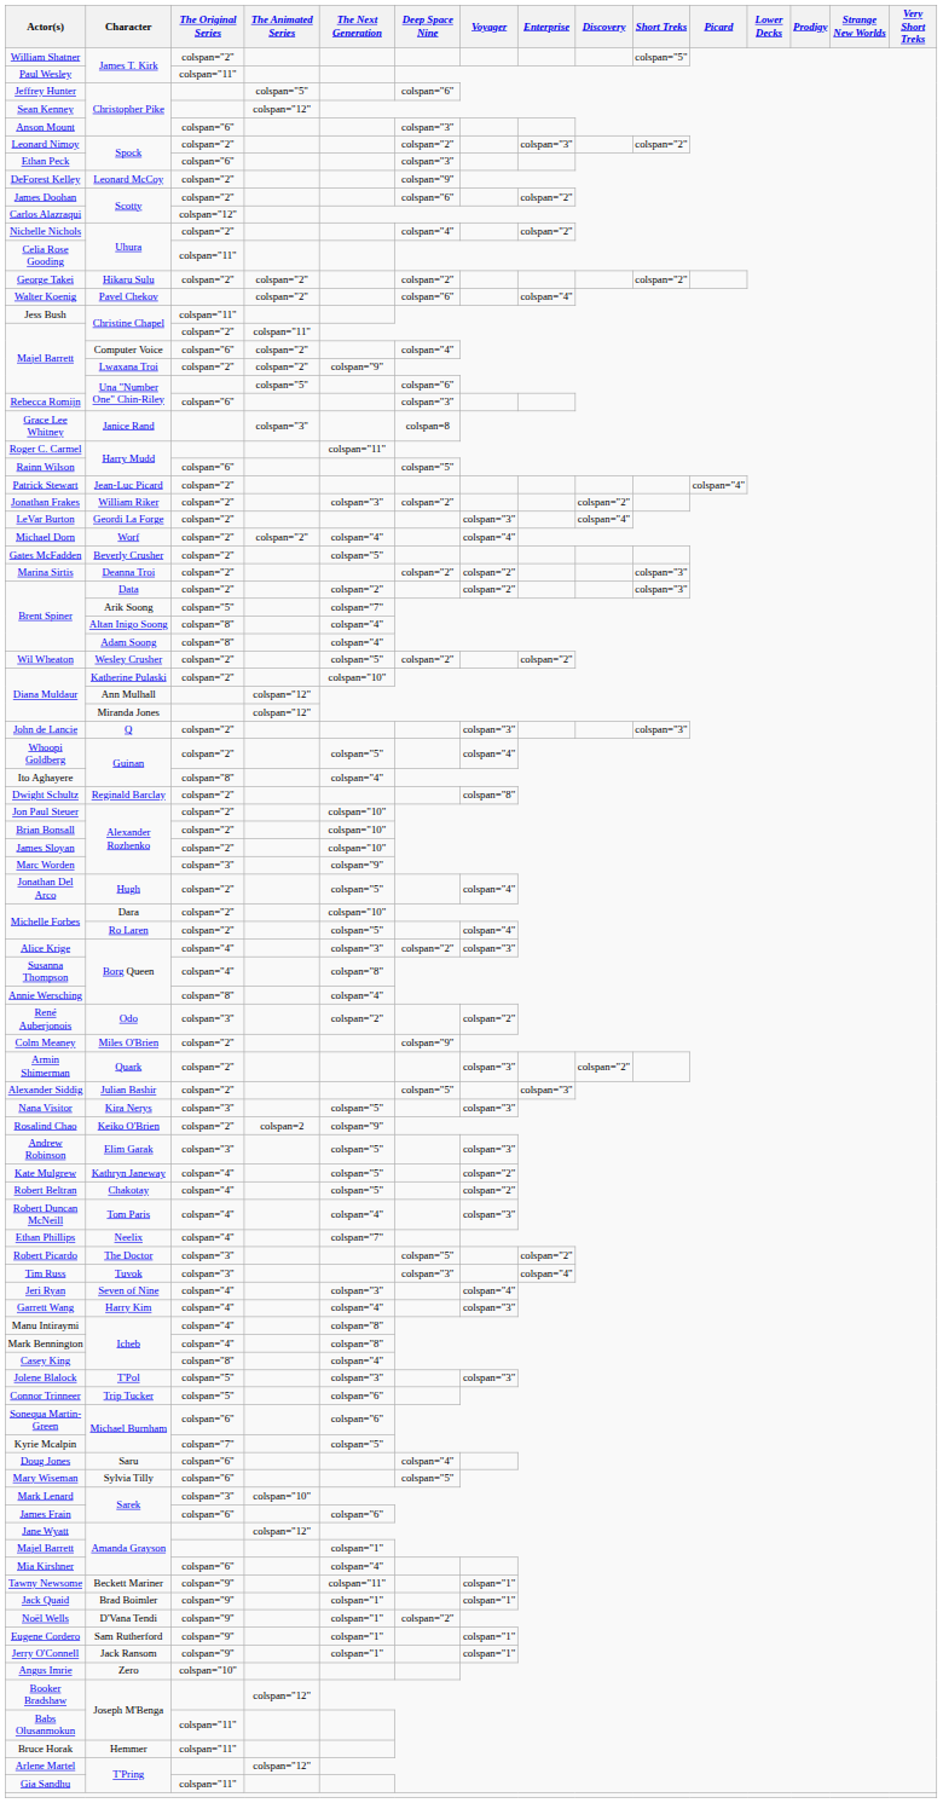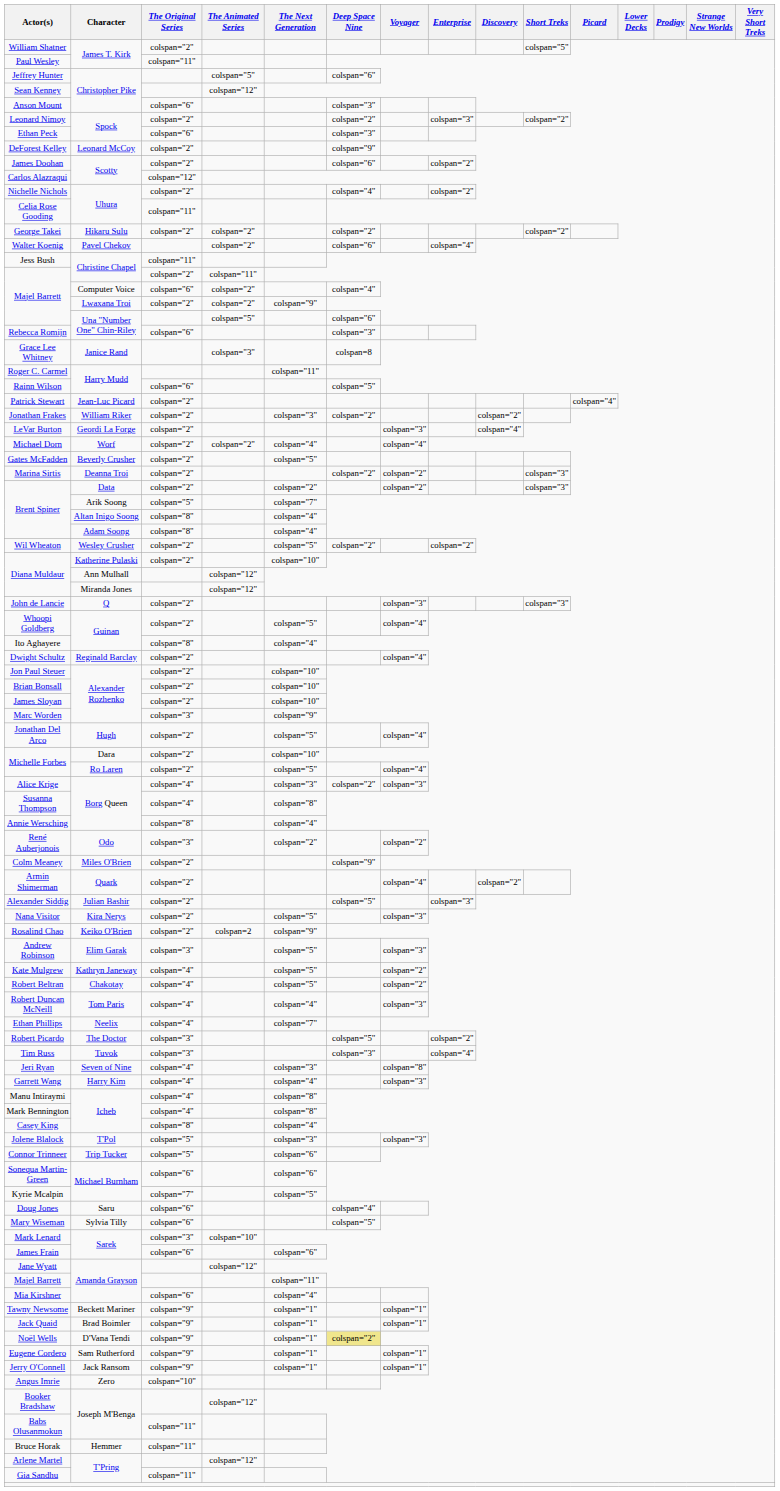 <table class="wikitable sticky-header" style="font-size: 90%; text-align: center; min-width: 100%">
 <tr>
 <th>Actor(s)</th>
 <th>Character</th>
 <th><em><a href='#'>The Original Series</a></em></th>
 <th><em><a href='#'>The Animated Series</a></em></th>
 <th><em><a href='#'>The Next Generation</a></em></th>
 <th><em><a href='#'>Deep Space Nine</a></em></th>
 <th><em><a href='#'>Voyager</a></em></th>
 <th><em><a href='#'>Enterprise</a></em></th>
 <th><em><a href='#'>Discovery</a></em></th>
 <th><a href='#'><em>Short Treks</em></a></th>
 <th><em><a href='#'>Picard</a></em></th>
 <th><em><a href='#'>Lower Decks</a></em></th>
 <th><em><a href='#'>Prodigy</a></em></th>
 <th><em><a href='#'>Strange New Worlds</a></em></th>
 <th><a href='#'><em>Very Short Treks</em></a></th>
 </tr>
 <tr>
 <td><a href='#'>William Shatner</a></td>
 <td rowspan="2"><a href='#'>James T. Kirk</a></td>
 <td>colspan="2" </td>
 <td></td>
 <td></td>
 <td></td>
 <td></td>
 <td></td>
 <td></td>
 <td>colspan="5" </td>
 </tr>
 <tr>
 <td><a href='#'>Paul Wesley</a></td>
 <td>colspan="11" </td>
 <td></td>
 <td></td>
 </tr>
 <tr>
 <td><a href='#'>Jeffrey Hunter</a></td>
 <td rowspan="3"><a href='#'>Christopher Pike</a></td>
 <td></td>
 <td>colspan="5" </td>
 <td></td>
 <td>colspan="6" </td>
 </tr>
 <tr>
 <td><a href='#'>Sean Kenney</a></td>
 <td></td>
 <td>colspan="12" </td>
 </tr>
 <tr>
 <td><a href='#'>Anson Mount</a></td>
 <td>colspan="6" </td>
 <td></td>
 <td></td>
 <td>colspan="3" </td>
 <td></td>
 <td></td>
 </tr>
 <tr>
 <td><a href='#'>Leonard Nimoy</a></td>
 <td rowspan="2"><a href='#'>Spock</a></td>
 <td>colspan="2" </td>
 <td></td>
 <td></td>
 <td>colspan="2" </td>
 <td></td>
 <td>colspan="3" </td>
 <td></td>
 <td>colspan="2" </td>
 </tr>
 <tr>
 <td><a href='#'>Ethan Peck</a></td>
 <td>colspan="6" </td>
 <td></td>
 <td></td>
 <td>colspan="3" </td>
 <td></td>
 <td></td>
 </tr>
 <tr>
 <td><a href='#'>DeForest Kelley</a></td>
 <td><a href='#'>Leonard McCoy</a></td>
 <td>colspan="2" </td>
 <td></td>
 <td></td>
 <td>colspan="9" </td>
 </tr>
 <tr>
 <td><a href='#'>James Doohan</a></td>
 <td rowspan="2"><a href='#'>Scotty</a></td>
 <td>colspan="2" </td>
 <td></td>
 <td></td>
 <td>colspan="6" </td>
 <td></td>
 <td>colspan="2" </td>
 </tr>
 <tr>
 <td><a href='#'>Carlos Alazraqui</a></td>
 <td>colspan="12" </td>
 <td></td>
 </tr>
 <tr>
 <td><a href='#'>Nichelle Nichols</a></td>
 <td rowspan="2"><a href='#'>Uhura</a></td>
 <td>colspan="2" </td>
 <td></td>
 <td></td>
 <td>colspan="4" </td>
 <td></td>
 <td>colspan="2" </td>
 </tr>
 <tr>
 <td><a href='#'>Celia Rose Gooding</a></td>
 <td>colspan="11" </td>
 <td></td>
 <td></td>
 </tr>
 <tr>
 <td><a href='#'>George Takei</a></td>
 <td><a href='#'>Hikaru Sulu</a></td>
 <td>colspan="2" </td>
 <td>colspan="2" </td>
 <td></td>
 <td>colspan="2" </td>
 <td></td>
 <td></td>
 <td></td>
 <td>colspan="2" </td>
 <td></td>
 </tr>
 <tr>
 <td><a href='#'>Walter Koenig</a></td>
 <td><a href='#'>Pavel Chekov</a></td>
 <td></td>
 <td>colspan="2" </td>
 <td></td>
 <td>colspan="6" </td>
 <td></td>
 <td>colspan="4" </td>
 </tr>
 <tr>
 <td>Jess Bush</td>
 <td rowspan="2"><a href='#'>Christine Chapel</a></td>
 <td>colspan="11" </td>
 <td></td>
 <td></td>
 </tr>
 <tr>
 <td rowspan="4"><a href='#'>Majel Barrett</a></td>
 <td>colspan="2" </td>
 <td>colspan="11" </td>
 </tr>
 <tr>
 <td>Computer Voice</td>
 <td>colspan="6" </td>
 <td>colspan="2" </td>
 <td></td>
 <td>colspan="4" </td>
 </tr>
 <tr>
 <td><a href='#'>Lwaxana Troi</a></td>
 <td>colspan="2" </td>
 <td>colspan="2" </td>
 <td>colspan="9" </td>
 </tr>
 <tr>
 <td rowspan="2"><a href='#'>Una "Number One" Chin-Riley</a></td>
 <td></td>
 <td>colspan="5" </td>
 <td></td>
 <td>colspan="6" </td>
 </tr>
 <tr>
 <td><a href='#'>Rebecca Romijn</a></td>
 <td>colspan="6" </td>
 <td></td>
 <td></td>
 <td>colspan="3" </td>
 <td></td>
 <td></td>
 </tr>
 <tr>
 <td><a href='#'>Grace Lee Whitney</a></td>
 <td><a href='#'>Janice Rand</a></td>
 <td></td>
 <td>colspan="3" </td>
 <td></td>
 <td>colspan=8 </td>
 </tr>
 <tr>
 <td><a href='#'>Roger C. Carmel</a></td>
 <td rowspan="2"><a href='#'>Harry Mudd</a></td>
 <td></td>
 <td></td>
 <td>colspan="11" </td>
 </tr>
 <tr>
 <td><a href='#'>Rainn Wilson</a></td>
 <td>colspan="6" </td>
 <td></td>
 <td></td>
 <td>colspan="5" </td>
 </tr>
 <tr>
 <td><a href='#'>Patrick Stewart</a></td>
 <td><a href='#'>Jean-Luc Picard</a></td>
 <td>colspan="2" </td>
 <td></td>
 <td></td>
 <td></td>
 <td></td>
 <td></td>
 <td></td>
 <td></td>
 <td>colspan="4" </td>
 </tr>
 <tr>
 <td><a href='#'>Jonathan Frakes</a></td>
 <td><a href='#'>William Riker</a></td>
 <td>colspan="2" </td>
 <td></td>
 <td>colspan="3" </td>
 <td>colspan="2" </td>
 <td></td>
 <td></td>
 <td>colspan="2" </td>
 <td></td>
 </tr>
 <tr>
 <td><a href='#'>LeVar Burton</a></td>
 <td><a href='#'>Geordi La Forge</a></td>
 <td>colspan="2" </td>
 <td></td>
 <td></td>
 <td></td>
 <td>colspan="3" </td>
 <td></td>
 <td>colspan="4" </td>
 </tr>
 <tr>
 <td><a href='#'>Michael Dorn</a></td>
 <td><a href='#'>Worf</a></td>
 <td>colspan="2" </td>
 <td>colspan="2" </td>
 <td>colspan="4" </td>
 <td></td>
 <td>colspan="4" </td>
 </tr>
 <tr>
 <td><a href='#'>Gates McFadden</a></td>
 <td><a href='#'>Beverly Crusher</a></td>
 <td>colspan="2" </td>
 <td></td>
 <td>colspan="5" </td>
 <td></td>
 <td></td>
 <td></td>
 <td></td>
 <td></td>
 </tr>
 <tr>
 <td><a href='#'>Marina Sirtis</a></td>
 <td><a href='#'>Deanna Troi</a></td>
 <td>colspan="2" </td>
 <td></td>
 <td></td>
 <td>colspan="2" </td>
 <td>colspan="2" </td>
 <td></td>
 <td></td>
 <td>colspan="3" </td>
 </tr>
 <tr>
 <td rowspan="4"><a href='#'>Brent Spiner</a></td>
 <td><a href='#'>Data</a></td>
 <td>colspan="2" </td>
 <td></td>
 <td>colspan="2" </td>
 <td></td>
 <td>colspan="2" </td>
 <td></td>
 <td></td>
 <td>colspan="3" </td>
 </tr>
 <tr>
 <td>Arik Soong</td>
 <td>colspan="5" </td>
 <td></td>
 <td>colspan="7" </td>
 </tr>
 <tr>
 <td><a href='#'>Altan Inigo Soong</a></td>
 <td>colspan="8" </td>
 <td></td>
 <td>colspan="4" </td>
 </tr>
 <tr>
 <td><a href='#'>Adam Soong</a></td>
 <td>colspan="8" </td>
 <td></td>
 <td>colspan="4" </td>
 </tr>
 <tr>
 <td><a href='#'>Wil Wheaton</a></td>
 <td><a href='#'>Wesley Crusher</a></td>
 <td>colspan="2" </td>
 <td></td>
 <td>colspan="5" </td>
 <td>colspan="2" </td>
 <td></td>
 <td>colspan="2" </td>
 </tr>
 <tr>
 <td rowspan="3"><a href='#'>Diana Muldaur</a></td>
 <td><a href='#'>Katherine Pulaski</a></td>
 <td>colspan="2" </td>
 <td></td>
 <td>colspan="10" </td>
 </tr>
 <tr>
 <td>Ann Mulhall</td>
 <td></td>
 <td>colspan="12" </td>
 </tr>
 <tr>
 <td>Miranda Jones</td>
 <td></td>
 <td>colspan="12" </td>
 </tr>
 <tr>
 <td><a href='#'>John de Lancie</a></td>
 <td><a href='#'>Q</a></td>
 <td>colspan="2" </td>
 <td></td>
 <td></td>
 <td></td>
 <td>colspan="3" </td>
 <td></td>
 <td></td>
 <td>colspan="3" </td>
 </tr>
 <tr>
 <td><a href='#'>Whoopi Goldberg</a></td>
 <td rowspan="2"><a href='#'>Guinan</a></td>
 <td>colspan="2" </td>
 <td></td>
 <td>colspan="5" </td>
 <td></td>
 <td>colspan="4" </td>
 </tr>
 <tr>
 <td>Ito Aghayere</td>
 <td>colspan="8" </td>
 <td></td>
 <td>colspan="4" </td>
 </tr>
 <tr>
 <td><a href='#'>Dwight Schultz</a></td>
 <td><a href='#'>Reginald Barclay</a></td>
 <td>colspan="2" </td>
 <td></td>
 <td></td>
 <td></td>
-<td>colspan="8" </td>
+<td>colspan="4" </td>
 </tr>
 <tr>
 <td><a href='#'>Jon Paul Steuer</a></td>
 <td rowspan="4"><a href='#'>Alexander Rozhenko</a></td>
 <td>colspan="2" </td>
 <td></td>
 <td>colspan="10" </td>
 </tr>
 <tr>
 <td><a href='#'>Brian Bonsall</a></td>
 <td>colspan="2" </td>
 <td></td>
 <td>colspan="10" </td>
 </tr>
 <tr>
 <td><a href='#'>James Sloyan</a></td>
 <td>colspan="2" </td>
 <td></td>
 <td>colspan="10" </td>
 </tr>
 <tr>
 <td><a href='#'>Marc Worden</a></td>
 <td>colspan="3" </td>
 <td></td>
 <td>colspan="9" </td>
 </tr>
 <tr>
 <td><a href='#'>Jonathan Del Arco</a></td>
 <td><a href='#'>Hugh</a></td>
 <td>colspan="2" </td>
 <td></td>
 <td>colspan="5" </td>
 <td></td>
 <td>colspan="4" </td>
 </tr>
 <tr>
 <td rowspan="2"><a href='#'>Michelle Forbes</a></td>
 <td>Dara</td>
 <td>colspan="2" </td>
 <td></td>
 <td>colspan="10" </td>
 </tr>
 <tr>
 <td><a href='#'>Ro Laren</a></td>
 <td>colspan="2" </td>
 <td></td>
 <td>colspan="5" </td>
 <td></td>
 <td>colspan="4" </td>
 </tr>
 <tr>
 <td><a href='#'>Alice Krige</a></td>
 <td rowspan="3"><a href='#'>Borg</a> Queen</td>
 <td>colspan="4" </td>
 <td></td>
 <td>colspan="3" </td>
 <td>colspan="2" </td>
 <td>colspan="3" </td>
 </tr>
 <tr>
 <td><a href='#'>Susanna Thompson</a></td>
 <td>colspan="4" </td>
 <td></td>
 <td>colspan="8" </td>
 </tr>
 <tr>
 <td><a href='#'>Annie Wersching</a></td>
 <td>colspan="8" </td>
 <td></td>
 <td>colspan="4" </td>
 </tr>
 <tr>
 <td><a href='#'>René Auberjonois</a></td>
 <td><a href='#'>Odo</a></td>
 <td>colspan="3" </td>
 <td></td>
 <td>colspan="2" </td>
 <td></td>
 <td>colspan="2" </td>
 </tr>
 <tr>
 <td><a href='#'>Colm Meaney</a></td>
 <td><a href='#'>Miles O'Brien</a></td>
 <td>colspan="2" </td>
 <td></td>
 <td></td>
 <td>colspan="9" </td>
 </tr>
 <tr>
 <td><a href='#'>Armin Shimerman</a></td>
 <td><a href='#'>Quark</a></td>
 <td>colspan="2" </td>
 <td></td>
 <td></td>
 <td></td>
-<td>colspan="3" </td>
+<td>colspan="4" </td>
 <td></td>
 <td>colspan="2" </td>
 <td></td>
 </tr>
 <tr>
 <td><a href='#'>Alexander Siddig</a></td>
 <td><a href='#'>Julian Bashir</a></td>
 <td>colspan="2" </td>
 <td></td>
 <td></td>
 <td>colspan="5" </td>
 <td></td>
 <td>colspan="3" </td>
 </tr>
 <tr>
 <td><a href='#'>Nana Visitor</a></td>
 <td><a href='#'>Kira Nerys</a></td>
-<td>colspan="3" </td>
+<td>colspan="2" </td>
 <td></td>
 <td>colspan="5" </td>
 <td></td>
 <td>colspan="3" </td>
 </tr>
 <tr>
 <td><a href='#'>Rosalind Chao</a></td>
 <td><a href='#'>Keiko O'Brien</a></td>
 <td>colspan="2" </td>
 <td>colspan=2 </td>
 <td>colspan="9" </td>
 </tr>
 <tr>
 <td><a href='#'>Andrew Robinson</a></td>
 <td><a href='#'>Elim Garak</a></td>
 <td>colspan="3" </td>
 <td></td>
 <td>colspan="5" </td>
 <td></td>
 <td>colspan="3" </td>
 </tr>
 <tr>
 <td><a href='#'>Kate Mulgrew</a></td>
 <td><a href='#'>Kathryn Janeway</a></td>
 <td>colspan="4" </td>
 <td></td>
 <td>colspan="5" </td>
 <td></td>
 <td>colspan="2" </td>
 </tr>
 <tr>
 <td><a href='#'>Robert Beltran</a></td>
 <td><a href='#'>Chakotay</a></td>
 <td>colspan="4" </td>
 <td></td>
 <td>colspan="5" </td>
 <td></td>
 <td>colspan="2" </td>
 </tr>
 <tr>
 <td><a href='#'>Robert Duncan McNeill</a></td>
 <td><a href='#'>Tom Paris</a></td>
 <td>colspan="4" </td>
 <td></td>
 <td>colspan="4" </td>
 <td></td>
 <td>colspan="3" </td>
 </tr>
 <tr>
 <td><a href='#'>Ethan Phillips</a></td>
 <td><a href='#'>Neelix</a></td>
 <td>colspan="4" </td>
 <td></td>
 <td>colspan="7" </td>
 <td></td>
 </tr>
 <tr>
 <td><a href='#'>Robert Picardo</a></td>
 <td><a href='#'>The Doctor</a></td>
 <td>colspan="3" </td>
 <td></td>
 <td></td>
 <td>colspan="5" </td>
 <td></td>
 <td>colspan="2" </td>
 </tr>
 <tr>
 <td><a href='#'>Tim Russ</a></td>
 <td><a href='#'>Tuvok</a></td>
 <td>colspan="3" </td>
 <td></td>
 <td></td>
 <td>colspan="3" </td>
 <td></td>
 <td>colspan="4" </td>
 </tr>
 <tr>
 <td><a href='#'>Jeri Ryan</a></td>
 <td><a href='#'>Seven of Nine</a></td>
 <td>colspan="4" </td>
 <td></td>
 <td>colspan="3" </td>
 <td></td>
-<td>colspan="4" </td>
+<td>colspan="8" </td>
 </tr>
 <tr>
 <td><a href='#'>Garrett Wang</a></td>
 <td><a href='#'>Harry Kim</a></td>
 <td>colspan="4" </td>
 <td></td>
 <td>colspan="4" </td>
 <td></td>
 <td>colspan="3" </td>
 </tr>
 <tr>
 <td>Manu Intiraymi</td>
 <td rowspan="3"><a href='#'>Icheb</a></td>
 <td>colspan="4" </td>
 <td></td>
 <td>colspan="8" </td>
 </tr>
 <tr>
 <td>Mark Bennington</td>
 <td>colspan="4" </td>
 <td></td>
 <td>colspan="8" </td>
 </tr>
 <tr>
 <td><a href='#'>Casey King</a></td>
 <td>colspan="8" </td>
 <td></td>
 <td>colspan="4" </td>
 </tr>
 <tr>
 <td><a href='#'>Jolene Blalock</a></td>
 <td><a href='#'>T'Pol</a></td>
 <td>colspan="5" </td>
 <td></td>
 <td>colspan="3" </td>
 <td></td>
 <td>colspan="3" </td>
 </tr>
 <tr>
 <td><a href='#'>Connor Trinneer</a></td>
 <td><a href='#'>Trip Tucker</a></td>
 <td>colspan="5" </td>
 <td></td>
 <td>colspan="6" </td>
 <td></td>
 </tr>
 <tr>
 <td><a href='#'>Sonequa Martin-Green</a></td>
 <td rowspan="2"><a href='#'>Michael Burnham</a></td>
 <td>colspan="6" </td>
 <td></td>
 <td>colspan="6" </td>
 </tr>
 <tr>
 <td>Kyrie Mcalpin</td>
 <td>colspan="7" </td>
 <td></td>
 <td>colspan="5" </td>
 </tr>
 <tr>
 <td><a href='#'>Doug Jones</a></td>
 <td>Saru</td>
 <td>colspan="6" </td>
 <td></td>
 <td></td>
 <td>colspan="4" </td>
 <td></td>
 </tr>
 <tr>
 <td><a href='#'>Mary Wiseman</a></td>
 <td>Sylvia Tilly</td>
 <td>colspan="6" </td>
 <td></td>
 <td></td>
 <td>colspan="5" </td>
 </tr>
 <tr>
 <td><a href='#'>Mark Lenard</a></td>
 <td rowspan="2"><a href='#'>Sarek</a></td>
 <td>colspan="3" </td>
 <td>colspan="10" </td>
 </tr>
 <tr>
 <td><a href='#'>James Frain</a></td>
 <td>colspan="6" </td>
 <td></td>
 <td>colspan="6" </td>
 </tr>
 <tr>
 <td><a href='#'>Jane Wyatt</a></td>
 <td rowspan="3"><a href='#'>Amanda Grayson</a></td>
 <td></td>
 <td>colspan="12" </td>
 </tr>
 <tr>
 <td><a href='#'>Majel Barrett</a></td>
 <td></td>
 <td></td>
-<td>colspan="1" </td>
+<td>colspan="11" </td>
 </tr>
 <tr>
 <td><a href='#'>Mia Kirshner</a></td>
 <td>colspan="6" </td>
 <td></td>
 <td>colspan="4" </td>
 <td></td>
 <td></td>
 </tr>
 <tr>
 <td><a href='#'>Tawny Newsome</a></td>
 <td>Beckett Mariner</td>
 <td>colspan="9" </td>
 <td></td>
-<td>colspan="11" </td>
+<td>colspan="1" </td>
 <td></td>
 <td>colspan="1" </td>
 </tr>
 <tr>
 <td><a href='#'>Jack Quaid</a></td>
 <td>Brad Boimler</td>
 <td>colspan="9" </td>
 <td></td>
 <td>colspan="1" </td>
 <td></td>
 <td>colspan="1" </td>
 </tr>
 <tr>
 <td><a href='#'>Noël Wells</a></td>
 <td>D'Vana Tendi</td>
 <td>colspan="9" </td>
 <td></td>
 <td>colspan="1" </td>
-<td>colspan="2" </td>
+<td style="background: khaki;">colspan="2" </td>
 </tr>
 <tr>
 <td><a href='#'>Eugene Cordero</a></td>
 <td>Sam Rutherford</td>
 <td>colspan="9" </td>
 <td></td>
 <td>colspan="1" </td>
 <td></td>
 <td>colspan="1" </td>
 </tr>
 <tr>
 <td><a href='#'>Jerry O'Connell</a></td>
 <td>Jack Ransom</td>
 <td>colspan="9" </td>
 <td></td>
 <td>colspan="1" </td>
 <td></td>
 <td>colspan="1" </td>
 </tr>
 <tr>
 <td><a href='#'>Angus Imrie</a></td>
 <td>Zero</td>
 <td>colspan="10" </td>
 <td></td>
 <td></td>
 <td></td>
 </tr>
 <tr>
 <td><a href='#'>Booker Bradshaw</a></td>
 <td rowspan="2">Joseph M'Benga</td>
 <td></td>
 <td>colspan="12" </td>
 </tr>
 <tr>
 <td><a href='#'>Babs Olusanmokun</a></td>
 <td>colspan="11" </td>
 <td></td>
 <td></td>
 </tr>
 <tr>
 <td>Bruce Horak</td>
 <td>Hemmer</td>
 <td>colspan="11" </td>
 <td></td>
 <td></td>
 </tr>
 <tr>
 <td><a href='#'>Arlene Martel</a></td>
 <td rowspan="2"><a href='#'>T'Pring</a></td>
 <td></td>
 <td>colspan="12" </td>
 </tr>
 <tr>
 <td><a href='#'>Gia Sandhu</a></td>
 <td>colspan="11" </td>
 <td></td>
 <td></td>
 </tr>
 <tr>
 <td colspan="15"></td>
 </tr>
 </table>
